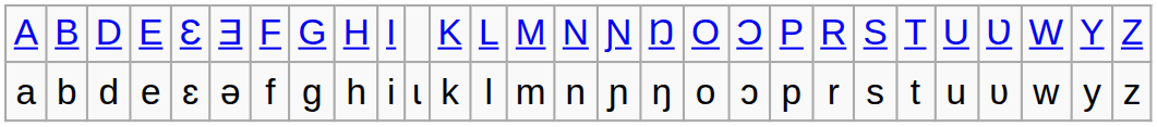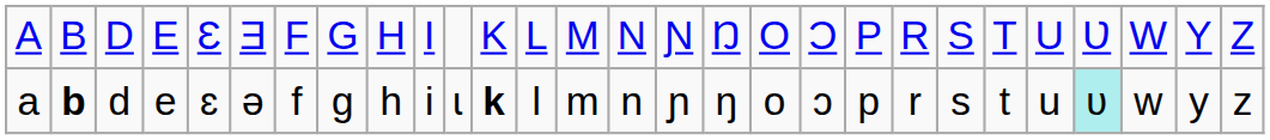 <table class="wikitable" style="text-align: center; vertical-align: middle;">
 <tr ---->
 <td><a href='#'>A</a></td>
 <td><a href='#'>B</a></td>
 <td><a href='#'>D</a></td>
 <td><a href='#'>E</a></td>
 <td><a href='#'>Ɛ</a></td>
 <td><a href='#'>Ǝ</a></td>
 <td><a href='#'>F</a></td>
 <td><a href='#'>G</a></td>
 <td><a href='#'>H</a></td>
 <td><a href='#'>I</a></td>
 <td></td>
 <td><a href='#'>K</a></td>
 <td><a href='#'>L</a></td>
 <td><a href='#'>M</a></td>
 <td><a href='#'>N</a></td>
 <td><a href='#'>Ɲ</a></td>
 <td><a href='#'>Ŋ</a></td>
 <td><a href='#'>O</a></td>
 <td><a href='#'>Ɔ</a></td>
 <td><a href='#'>P</a></td>
 <td><a href='#'>R</a></td>
 <td><a href='#'>S</a></td>
 <td><a href='#'>T</a></td>
 <td><a href='#'>U</a></td>
 <td><a href='#'>Ʋ</a></td>
 <td><a href='#'>W</a></td>
 <td><a href='#'>Y</a></td>
 <td><a href='#'>Z</a></td>
 </tr>
 <tr ---->
 <td>a</td>
-<td>b</td>
+<td><strong>b</strong></td>
 <td>d</td>
 <td>e</td>
 <td>ɛ</td>
 <td>ə</td>
 <td>f</td>
 <td>g</td>
 <td>h</td>
 <td>i</td>
 <td>ɩ</td>
-<td>k</td>
+<td><strong>k</strong></td>
 <td>l</td>
 <td>m</td>
 <td>n</td>
 <td>ɲ</td>
 <td>ŋ</td>
 <td>o</td>
 <td>ɔ</td>
 <td>p</td>
 <td>r</td>
 <td>s</td>
 <td>t</td>
 <td>u</td>
-<td>ʋ</td>
+<td style="background: paleturquoise;">ʋ</td>
 <td>w</td>
 <td>y</td>
 <td>z</td>
 </tr>
 </table>
